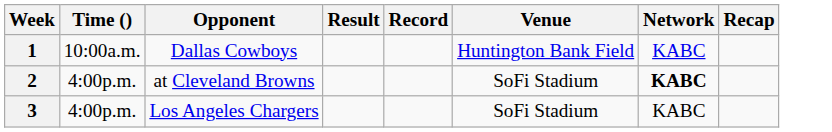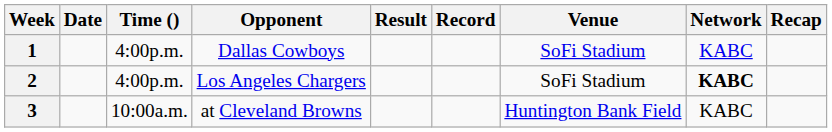 <table class="wikitable" style="text-align:center">
 <tr>
 <th>Week</th>
+<th>Date</th>
 <th>Time (<a href='#'></a>)</th>
 <th>Opponent</th>
 <th>Result</th>
 <th>Record</th>
 <th>Venue</th>
 <th>Network</th>
 <th>Recap</th>
 </tr>
 <tr>
 <th>1</th>
-<td>10:00a.m.</td>
+<td></td>
+<td>4:00p.m.</td>
 <td><a href='#'>Dallas Cowboys</a></td>
 <td></td>
 <td></td>
-<td><a href='#'>Huntington Bank Field</a></td>
+<td><a href='#'>SoFi Stadium</a></td>
 <td><a href='#'>KABC</a></td>
 <td></td>
 </tr>
 <tr>
 <th>2</th>
+<td></td>
 <td>4:00p.m.</td>
-<td>at <a href='#'>Cleveland Browns</a></td>
+<td><a href='#'>Los Angeles Chargers</a></td>
 <td></td>
 <td></td>
 <td>SoFi Stadium</td>
 <td><strong>KABC</strong></td>
 <td></td>
 </tr>
 <tr>
 <th>3</th>
-<td>4:00p.m.</td>
-<td><a href='#'>Los Angeles Chargers</a></td>
+<td></td>
+<td>10:00a.m.</td>
+<td>at <a href='#'>Cleveland Browns</a></td>
 <td></td>
 <td></td>
-<td>SoFi Stadium</td>
+<td><a href='#'>Huntington Bank Field</a></td>
 <td>KABC</td>
 <td></td>
 </tr>
 </table>
